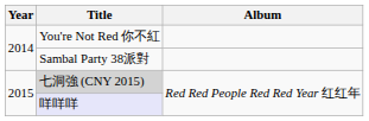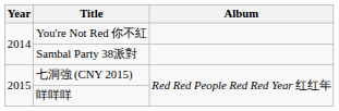 <table class="wikitable">
 <tr>
 <th>Year</th>
 <th>Title</th>
 <th>Album</th>
 </tr>
 <tr>
 <td rowspan="2">2014</td>
 <td>You're Not Red 你不紅</td>
 <td></td>
 </tr>
 <tr>
 <td>Sambal Party 38派對</td>
 <td></td>
 </tr>
 <tr>
 <td rowspan="2">2015</td>
-<td style="background: lightgrey;">七洞強 (CNY 2015)</td>
+<td>七洞強 (CNY 2015)</td>
 <td rowspan="2"><em>Red Red People Red Red Year</em> 红红年</td>
 </tr>
 <tr>
-<td style="background: lavender;">咩咩咩</td>
+<td>咩咩咩</td>
 </tr>
 </table>
